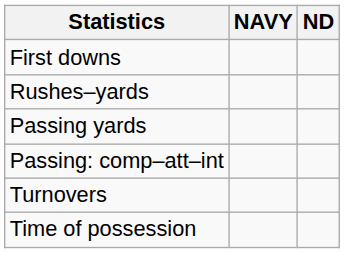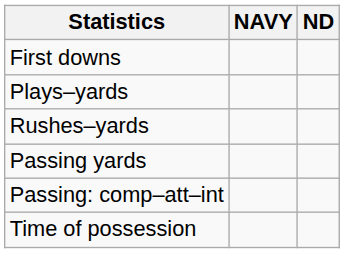 <table class="wikitable" style="float:left">
 <tr>
 <th>Statistics</th>
 <th>NAVY</th>
 <th>ND</th>
 </tr>
 <tr>
 <td>First downs</td>
+<td></td>
+<td></td>
+</tr>
+<tr>
+<td>Plays–yards</td>
 <td></td>
 <td></td>
 </tr>
 <tr>
 <td>Rushes–yards</td>
 <td></td>
 <td></td>
 </tr>
 <tr>
 <td>Passing yards</td>
 <td></td>
 <td></td>
 </tr>
 <tr>
 <td>Passing: comp–att–int</td>
 <td></td>
 <td></td>
 </tr>
 <tr>
-<td>Turnovers</td>
-<td></td>
-<td></td>
-</tr>
-<tr>
 <td>Time of possession</td>
 <td></td>
 <td></td>
 </tr>
 </table>
